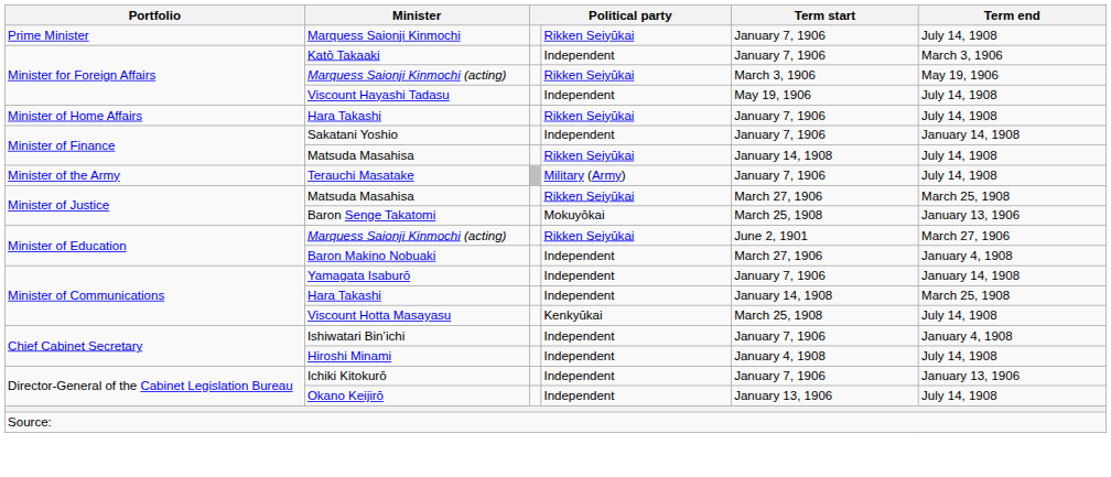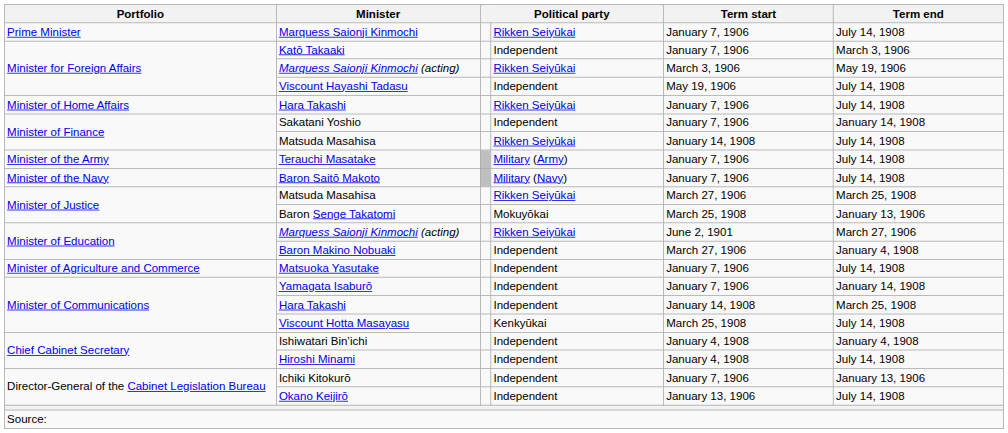 <table class="wikitable" style="font-size: 90%;">
 <tr>
 <th scope="col" width="20%">Portfolio</th>
 <th scope="col" width="15%">Minister</th>
 <th colspan="2" scope="col" width="13.5%">Political party</th>
 <th scope="col" width="12.5%">Term start</th>
 <th scope="col" width="12.5%">Term end</th>
 </tr>
 <tr>
 <td style="text-align: left;"><a href='#'>Prime Minister</a></td>
 <td><a href='#'>Marquess Saionji Kinmochi</a></td>
 <td style="color:inherit;background:"></td>
 <td><a href='#'>Rikken Seiyūkai</a></td>
 <td>January 7, 1906</td>
 <td>July 14, 1908</td>
 </tr>
 <tr>
 <td rowspan="3"><a href='#'>Minister for Foreign Affairs</a></td>
 <td><a href='#'>Katō Takaaki</a></td>
 <td style="color:inherit;background:"></td>
 <td>Independent</td>
 <td>January 7, 1906</td>
 <td>March 3, 1906</td>
 </tr>
 <tr>
 <td><em><a href='#'>Marquess Saionji Kinmochi</a> (acting)</em></td>
 <td style="color:inherit;background:"></td>
 <td><a href='#'>Rikken Seiyūkai</a></td>
 <td>March 3, 1906</td>
 <td>May 19, 1906</td>
 </tr>
 <tr>
 <td><a href='#'>Viscount Hayashi Tadasu</a></td>
 <td style="color:inherit;background:"></td>
 <td>Independent</td>
 <td>May 19, 1906</td>
 <td>July 14, 1908</td>
 </tr>
 <tr>
 <td><a href='#'>Minister of Home Affairs</a></td>
 <td><a href='#'>Hara Takashi</a></td>
 <td style="color:inherit;background:"></td>
 <td><a href='#'>Rikken Seiyūkai</a></td>
 <td>January 7, 1906</td>
 <td>July 14, 1908</td>
 </tr>
 <tr>
 <td rowspan="2"><a href='#'>Minister of Finance</a></td>
 <td>Sakatani Yoshio</td>
 <td style="color:inherit;background:"></td>
 <td>Independent</td>
 <td>January 7, 1906</td>
 <td>January 14, 1908</td>
 </tr>
 <tr>
 <td>Matsuda Masahisa</td>
 <td style="color:inherit;background:"></td>
 <td><a href='#'>Rikken Seiyūkai</a></td>
 <td>January 14, 1908</td>
 <td>July 14, 1908</td>
 </tr>
 <tr>
 <td><a href='#'>Minister of the Army</a></td>
 <td><a href='#'>Terauchi Masatake</a></td>
 <td style="color:inherit;background:#bfbfbf"></td>
 <td><a href='#'>Military</a> (<a href='#'>Army</a>)</td>
 <td>January 7, 1906</td>
 <td>July 14, 1908</td>
 </tr>
 <tr>
+<td><a href='#'>Minister of the Navy</a></td>
+<td><a href='#'>Baron Saitō Makoto</a></td>
+<td style="color:inherit;background:#bfbfbf"></td>
+<td><a href='#'>Military</a> (<a href='#'>Navy</a>)</td>
+<td>January 7, 1906</td>
+<td>July 14, 1908</td>
+</tr>
+<tr>
 <td rowspan="2"><a href='#'>Minister of Justice</a></td>
 <td>Matsuda Masahisa</td>
 <td style="color:inherit;background:"></td>
 <td><a href='#'>Rikken Seiyūkai</a></td>
 <td>March 27, 1906</td>
 <td>March 25, 1908</td>
 </tr>
 <tr>
 <td>Baron <a href='#'>Senge Takatomi</a></td>
 <td></td>
 <td>Mokuyōkai</td>
 <td>March 25, 1908</td>
 <td>January 13, 1906</td>
 </tr>
 <tr>
 <td rowspan="2"><a href='#'>Minister of Education</a></td>
 <td><em><a href='#'>Marquess Saionji Kinmochi</a> (acting)</em></td>
 <td style="color:inherit;background:"></td>
 <td><a href='#'>Rikken Seiyūkai</a></td>
 <td>June 2, 1901</td>
 <td>March 27, 1906</td>
 </tr>
 <tr>
 <td><a href='#'>Baron Makino Nobuaki</a></td>
 <td style="color:inherit;background:"></td>
 <td>Independent</td>
 <td>March 27, 1906</td>
 <td>January 4, 1908</td>
 </tr>
 <tr>
+<td><a href='#'>Minister of Agriculture and Commerce</a></td>
+<td><a href='#'>Matsuoka Yasutake</a></td>
+<td style="color:inherit;background:"></td>
+<td>Independent</td>
+<td>January 7, 1906</td>
+<td>July 14, 1908</td>
+</tr>
+<tr>
 <td rowspan="3"><a href='#'>Minister of Communications</a></td>
 <td><a href='#'>Yamagata Isaburō</a></td>
 <td style="color:inherit;background:"></td>
 <td>Independent</td>
 <td>January 7, 1906</td>
 <td>January 14, 1908</td>
 </tr>
 <tr>
 <td><a href='#'>Hara Takashi</a></td>
 <td style="color:inherit;background:"></td>
 <td>Independent</td>
 <td>January 14, 1908</td>
 <td>March 25, 1908</td>
 </tr>
 <tr>
 <td><a href='#'>Viscount Hotta Masayasu</a></td>
 <td></td>
 <td>Kenkyūkai</td>
 <td>March 25, 1908</td>
 <td>July 14, 1908</td>
 </tr>
 <tr>
 <td rowspan="2"><a href='#'>Chief Cabinet Secretary</a></td>
 <td>Ishiwatari Bin’ichi</td>
 <td style="color:inherit;background:"></td>
 <td>Independent</td>
-<td>January 7, 1906</td>
+<td>January 4, 1908</td>
 <td>January 4, 1908</td>
 </tr>
 <tr>
 <td><a href='#'>Hiroshi Minami</a></td>
 <td style="color:inherit;background:"></td>
 <td>Independent</td>
 <td>January 4, 1908</td>
 <td>July 14, 1908</td>
 </tr>
 <tr>
 <td rowspan="2">Director-General of the <a href='#'>Cabinet Legislation Bureau</a></td>
 <td>Ichiki Kitokurō</td>
 <td style="color:inherit;background:"></td>
 <td>Independent</td>
 <td>January 7, 1906</td>
 <td>January 13, 1906</td>
 </tr>
 <tr>
 <td><a href='#'>Okano Keijirō</a></td>
 <td style="color:inherit;background:"></td>
 <td>Independent</td>
 <td>January 13, 1906</td>
 <td>July 14, 1908</td>
 </tr>
 <tr>
 <th colspan="6"></th>
 </tr>
 <tr>
 <td colspan="6">Source:</td>
 </tr>
 </table>
